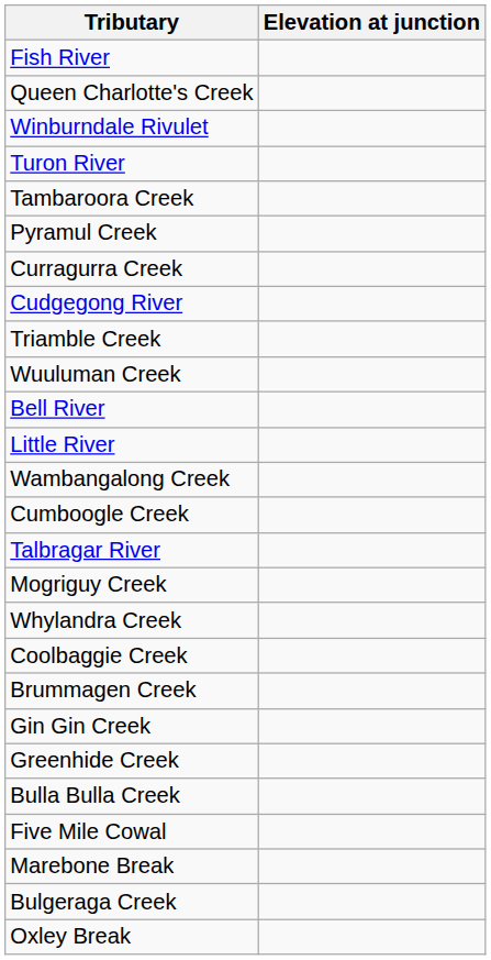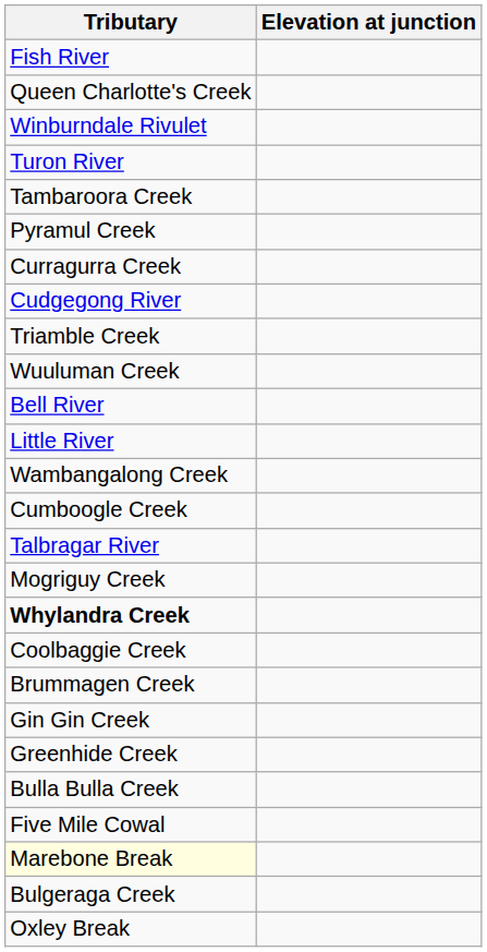 <table class="wikitable" width="auto" style="text-align: left">
 <tr>
 <th>Tributary</th>
 <th colspan=2>Elevation at junction</th>
 </tr>
 <tr>
 <td><a href='#'>Fish River</a></td>
 <td></td>
 </tr>
 <tr>
 <td>Queen Charlotte's Creek</td>
 <td></td>
 </tr>
 <tr>
 <td><a href='#'>Winburndale Rivulet</a></td>
 <td></td>
 </tr>
 <tr>
 <td><a href='#'>Turon River</a></td>
 <td></td>
 </tr>
 <tr>
 <td>Tambaroora Creek</td>
 <td></td>
 </tr>
 <tr>
 <td>Pyramul Creek</td>
 <td></td>
 </tr>
 <tr>
 <td>Curragurra Creek</td>
 <td></td>
 </tr>
 <tr>
 <td><a href='#'>Cudgegong River</a></td>
 <td></td>
 </tr>
 <tr>
 <td>Triamble Creek</td>
 <td></td>
 </tr>
 <tr>
 <td>Wuuluman Creek</td>
 <td></td>
 </tr>
 <tr>
 <td><a href='#'>Bell River</a></td>
 <td></td>
 </tr>
 <tr>
 <td><a href='#'>Little River</a></td>
 <td></td>
 </tr>
 <tr>
 <td>Wambangalong Creek</td>
 <td></td>
 </tr>
 <tr>
 <td>Cumboogle Creek</td>
 <td></td>
 </tr>
 <tr>
 <td><a href='#'>Talbragar River</a></td>
 <td></td>
 </tr>
 <tr>
 <td>Mogriguy Creek</td>
 <td></td>
 </tr>
 <tr>
-<td>Whylandra Creek</td>
+<td><strong>Whylandra Creek</strong></td>
 <td></td>
 </tr>
 <tr>
 <td>Coolbaggie Creek</td>
 <td></td>
 </tr>
 <tr>
 <td>Brummagen Creek</td>
 <td></td>
 </tr>
 <tr>
 <td>Gin Gin Creek</td>
 <td></td>
 </tr>
 <tr>
 <td>Greenhide Creek</td>
 <td></td>
 </tr>
 <tr>
 <td>Bulla Bulla Creek</td>
 <td></td>
 </tr>
 <tr>
 <td>Five Mile Cowal</td>
 <td></td>
 </tr>
 <tr>
-<td>Marebone Break</td>
+<td style="background: lightyellow;">Marebone Break</td>
 <td></td>
 </tr>
 <tr>
 <td>Bulgeraga Creek</td>
 <td></td>
 </tr>
 <tr>
 <td>Oxley Break</td>
 <td></td>
 </tr>
 </table>
